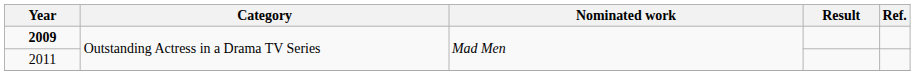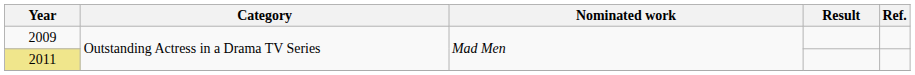 <table class=wikitable>
 <tr>
 <th scope="col" style="width:5em;">Year</th>
 <th scope="col" style="width:26em;">Category</th>
 <th scope="col" style="width:25em;">Nominated work</th>
 <th scope="col" style="width:5em;">Result</th>
 <th>Ref.</th>
 </tr>
 <tr>
-<td style="text-align:center;"><strong>2009</strong></td>
+<td style="text-align:center;">2009</td>
 <td rowspan=2>Outstanding Actress in a Drama TV Series</td>
 <td rowspan=2><em>Mad Men</em></td>
 <td></td>
 <td align=center></td>
 </tr>
 <tr>
-<td style="text-align:center;">2011</td>
+<td style="background: khaki; text-align:center;">2011</td>
 <td></td>
 <td align=center></td>
 </tr>
 <tr>
 </tr>
 </table>
